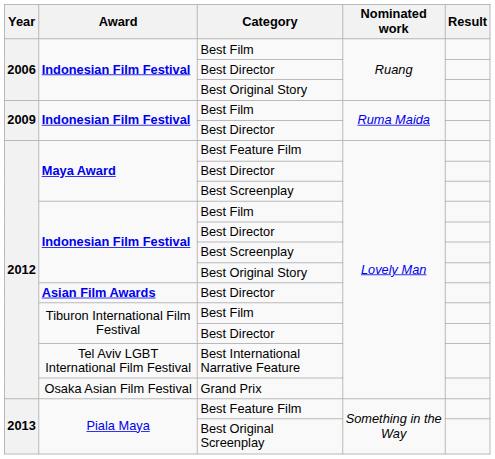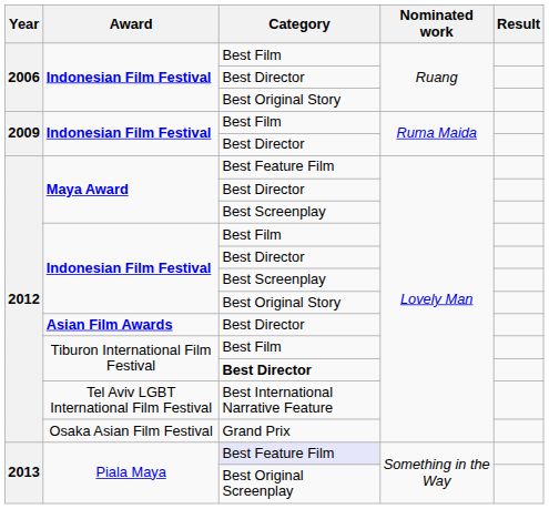 <table class="wikitable">
 <tr>
 <th>Year</th>
 <th>Award</th>
 <th>Category</th>
 <th>Nominated work</th>
 <th>Result</th>
 </tr>
 <tr>
 <th rowspan="3">2006</th>
 <td rowspan="3"><strong><a href='#'>Indonesian Film Festival</a></strong></td>
 <td>Best Film</td>
 <td style="text-align:center;" rowspan="3"><em>Ruang</em></td>
 <td></td>
 </tr>
 <tr>
 <td>Best Director</td>
 <td></td>
 </tr>
 <tr>
 <td>Best Original Story</td>
 <td></td>
 </tr>
 <tr>
 <th rowspan="2">2009</th>
 <td rowspan="2"><strong><a href='#'>Indonesian Film Festival</a></strong></td>
 <td>Best Film</td>
 <td style="text-align:center;" rowspan="2"><em><a href='#'>Ruma Maida</a></em></td>
 <td></td>
 </tr>
 <tr>
 <td>Best Director</td>
 <td></td>
 </tr>
 <tr>
 <th rowspan="12">2012</th>
 <td rowspan="3"><strong><a href='#'>Maya Award</a></strong></td>
 <td>Best Feature Film</td>
 <td style="text-align:center;" rowspan="12"><em><a href='#'>Lovely Man</a></em></td>
 <td></td>
 </tr>
 <tr>
 <td>Best Director</td>
 <td></td>
 </tr>
 <tr>
 <td>Best Screenplay</td>
 <td></td>
 </tr>
 <tr>
 <td rowspan="4"><strong><a href='#'>Indonesian Film Festival</a></strong></td>
 <td>Best Film</td>
 <td></td>
 </tr>
 <tr>
 <td>Best Director</td>
 <td></td>
 </tr>
 <tr>
 <td>Best Screenplay</td>
 <td></td>
 </tr>
 <tr>
 <td>Best Original Story</td>
 <td></td>
 </tr>
 <tr>
 <td><strong><a href='#'>Asian Film Awards</a></strong></td>
 <td>Best Director</td>
 <td></td>
 </tr>
 <tr>
 <td rowspan="2" style="text-align:center;">Tiburon International Film Festival</td>
 <td>Best Film</td>
 <td></td>
 </tr>
 <tr>
-<td>Best Director</td>
+<td><strong>Best Director</strong></td>
 <td></td>
 </tr>
 <tr>
 <td style="text-align:center;">Tel Aviv LGBT International Film Festival</td>
 <td>Best International Narrative Feature</td>
 <td></td>
 </tr>
 <tr>
 <td style="text-align:center;">Osaka Asian Film Festival</td>
 <td>Grand Prix</td>
 <td></td>
 </tr>
 <tr>
 <th rowspan="2">2013</th>
 <td rowspan="2" style="text-align:center;"><a href='#'>Piala Maya</a></td>
-<td>Best Feature Film</td>
+<td style="background: lavender;">Best Feature Film</td>
 <td style="text-align:center;" rowspan="3"><em>Something in the Way</em></td>
 <td></td>
 </tr>
 <tr>
 <td>Best Original Screenplay</td>
 <td></td>
 </tr>
 </table>
